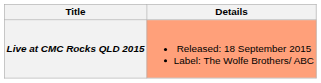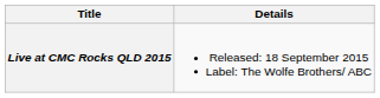 <table class="wikitable plainrowheaders" style="text-align:center;">
 <tr>
 <th>Title</th>
 <th>Details</th>
 </tr>
 <tr>
 <th scope="row"><em>Live at CMC Rocks QLD 2015</em></th>
-<td style="background: lightsalmon;"><br><ul><li>Released: 18 September 2015</li><li>Label: The Wolfe Brothers/ ABC</li></ul></td>
+<td><br><ul><li>Released: 18 September 2015</li><li>Label: The Wolfe Brothers/ ABC</li></ul></td>
 </tr>
 </table>
